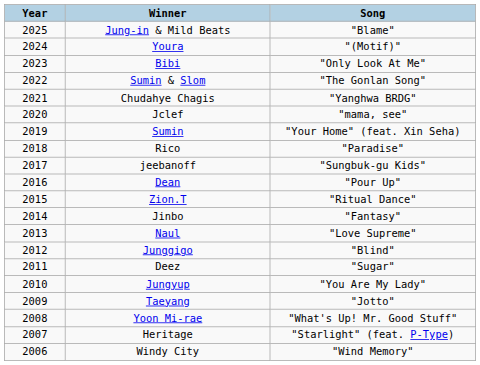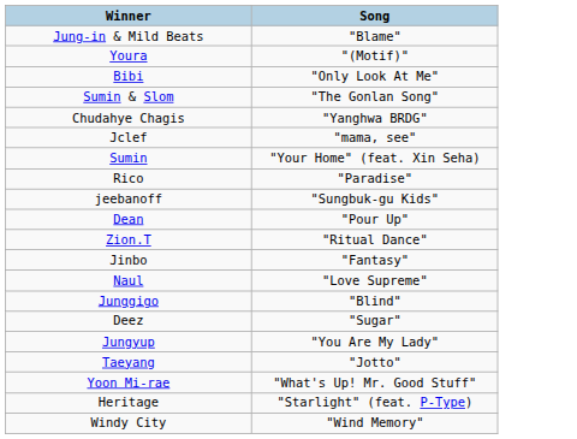 <table class="wikitable" style="text-align: center">
 <tr>
-<th width="70" style="background:#b3d1e3;">Year</th>
 <th width="250" style="background:#b3d1e3;">Winner</th>
 <th width="250" style="background:#b3d1e3;">Song</th>
 </tr>
 <tr>
-<td>2025</td>
 <td><a href='#'>Jung-in</a> & Mild Beats</td>
 <td>"Blame"</td>
 </tr>
 <tr>
-<td>2024</td>
 <td><a href='#'>Youra</a></td>
 <td>"(Motif)"</td>
 </tr>
 <tr>
-<td>2023</td>
 <td><a href='#'>Bibi</a></td>
 <td>"Only Look At Me"</td>
 </tr>
 <tr>
-<td>2022</td>
 <td><a href='#'>Sumin</a> & <a href='#'>Slom</a></td>
 <td>"The Gonlan Song"</td>
 </tr>
 <tr>
-<td>2021</td>
 <td>Chudahye Chagis</td>
 <td>"Yanghwa BRDG"</td>
 </tr>
 <tr>
-<td>2020</td>
 <td>Jclef</td>
 <td>"mama, see"</td>
 </tr>
 <tr>
-<td>2019</td>
 <td><a href='#'>Sumin</a></td>
 <td>"Your Home" (feat. Xin Seha)</td>
 </tr>
 <tr>
-<td>2018</td>
 <td>Rico</td>
 <td>"Paradise"</td>
 </tr>
 <tr>
-<td>2017</td>
 <td>jeebanoff</td>
 <td>"Sungbuk-gu Kids"</td>
 </tr>
 <tr>
-<td>2016</td>
 <td><a href='#'>Dean</a></td>
 <td>"Pour Up"</td>
 </tr>
 <tr>
-<td>2015</td>
 <td><a href='#'>Zion.T</a></td>
 <td>"Ritual Dance"</td>
 </tr>
 <tr>
-<td>2014</td>
 <td>Jinbo</td>
 <td>"Fantasy"</td>
 </tr>
 <tr>
-<td>2013</td>
 <td><a href='#'>Naul</a></td>
 <td>"Love Supreme"</td>
 </tr>
 <tr>
-<td>2012</td>
 <td><a href='#'>Junggigo</a></td>
 <td>"Blind"</td>
 </tr>
 <tr>
-<td>2011</td>
 <td>Deez</td>
 <td>"Sugar"</td>
 </tr>
 <tr>
-<td>2010</td>
 <td><a href='#'>Jungyup</a></td>
 <td>"You Are My Lady"</td>
 </tr>
 <tr>
-<td>2009</td>
 <td><a href='#'>Taeyang</a></td>
 <td>"Jotto"</td>
 </tr>
 <tr>
-<td>2008</td>
 <td><a href='#'>Yoon Mi-rae</a></td>
 <td>"What's Up! Mr. Good Stuff"</td>
 </tr>
 <tr>
-<td>2007</td>
 <td>Heritage</td>
 <td>"Starlight" (feat. <a href='#'>P-Type</a>)</td>
 </tr>
 <tr>
-<td>2006</td>
 <td>Windy City</td>
 <td>"Wind Memory"</td>
 </tr>
 </table>
